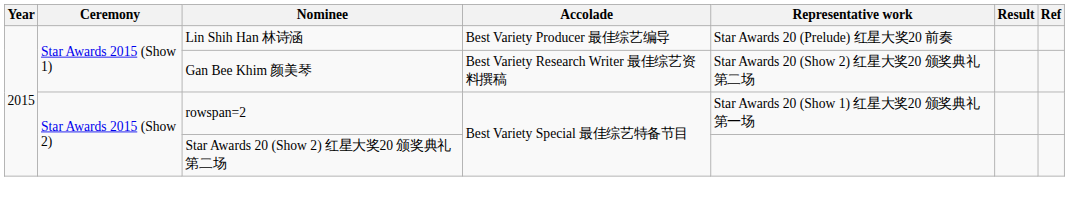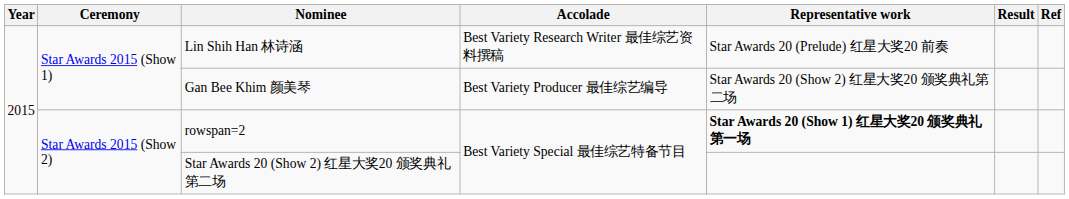 <table class="wikitable sortable">
 <tr>
 <th>Year</th>
 <th>Ceremony</th>
 <th>Nominee</th>
 <th>Accolade</th>
 <th>Representative work</th>
 <th class="unsortable">Result</th>
 <th class="unsortable">Ref</th>
 </tr>
 <tr>
 <td rowspan="4">2015</td>
 <td rowspan="2"><a href='#'>Star Awards 2015</a> (Show 1)</td>
 <td>Lin Shih Han 林诗涵</td>
-<td>Best Variety Producer 最佳综艺编导</td>
+<td>Best Variety Research Writer 最佳综艺资料撰稿</td>
 <td>Star Awards 20 (Prelude) 红星大奖20 前奏</td>
 <td></td>
 <td></td>
 </tr>
 <tr>
 <td>Gan Bee Khim 颜美琴</td>
-<td>Best Variety Research Writer 最佳综艺资料撰稿</td>
+<td>Best Variety Producer 最佳综艺编导</td>
 <td>Star Awards 20 (Show 2) 红星大奖20 颁奖典礼第二场</td>
 <td></td>
 <td></td>
 </tr>
 <tr>
 <td rowspan="2"><a href='#'>Star Awards 2015</a> (Show 2)</td>
 <td>rowspan=2 </td>
 <td rowspan="2">Best Variety Special 最佳综艺特备节目</td>
-<td>Star Awards 20 (Show 1) 红星大奖20 颁奖典礼第一场</td>
+<td><strong>Star Awards 20 (Show 1) 红星大奖20 颁奖典礼第一场</strong></td>
 <td></td>
 <td></td>
 </tr>
 <tr>
 <td>Star Awards 20 (Show 2) 红星大奖20 颁奖典礼第二场</td>
 <td></td>
 <td></td>
 </tr>
 </table>
